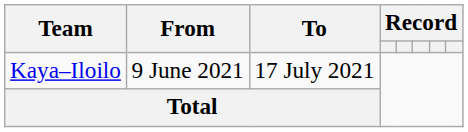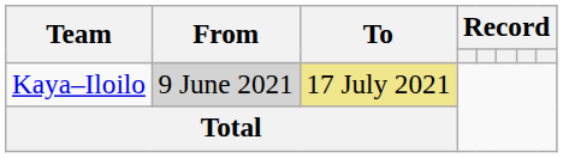 <table class=wikitable style="text-align:center">
 <tr>
 <th rowspan=2>Team</th>
 <th rowspan=2>From</th>
 <th rowspan=2>To</th>
 <th colspan=5>Record</th>
 </tr>
 <tr>
 <th></th>
 <th></th>
 <th></th>
 <th></th>
 <th></th>
 </tr>
 <tr>
 <td align=left><a href='#'>Kaya–Iloilo</a></td>
-<td>9 June 2021</td>
-<td>17 July 2021<br></td>
+<td style="background: lightgrey;">9 June 2021</td>
+<td style="background: khaki;">17 July 2021<br></td>
 </tr>
 <tr>
 <th colspan=3>Total<br></th>
 </tr>
 </table>
